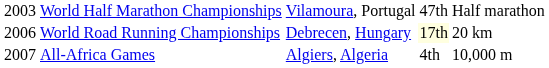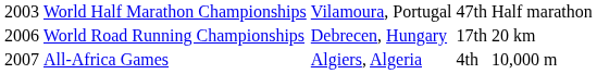 <table>
 <tr>
 <td>2003</td>
 <td><a href='#'>World Half Marathon Championships</a></td>
 <td><a href='#'>Vilamoura</a>, Portugal</td>
 <td>47th</td>
 <td>Half marathon</td>
 </tr>
 <tr>
 <td>2006</td>
 <td><a href='#'>World Road Running Championships</a></td>
 <td><a href='#'>Debrecen</a>, <a href='#'>Hungary</a></td>
-<td style="background: lightyellow;">17th</td>
+<td>17th</td>
 <td>20 km</td>
 </tr>
 <tr>
 <td>2007</td>
 <td><a href='#'>All-Africa Games</a></td>
 <td><a href='#'>Algiers</a>, <a href='#'>Algeria</a></td>
 <td>4th</td>
 <td>10,000 m</td>
 </tr>
 </table>
